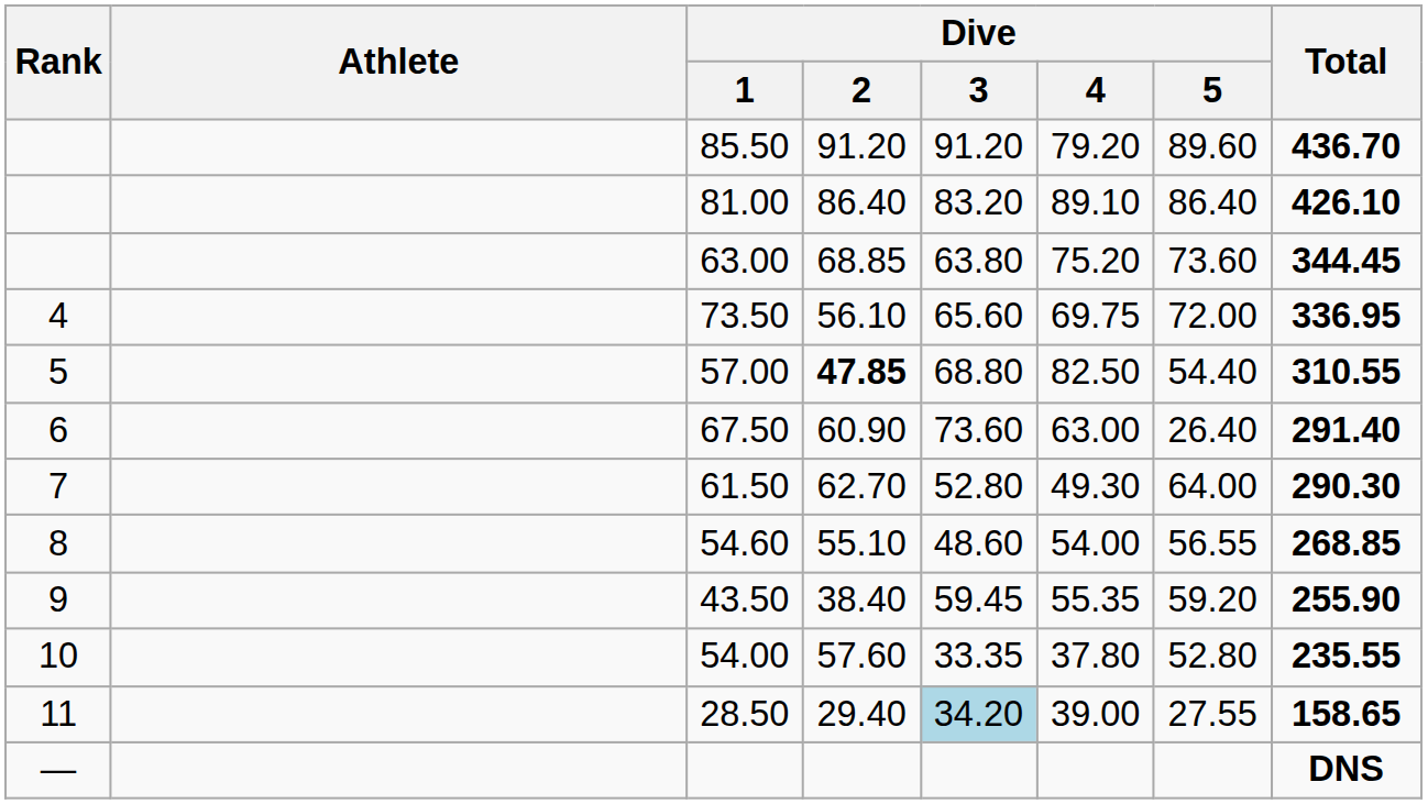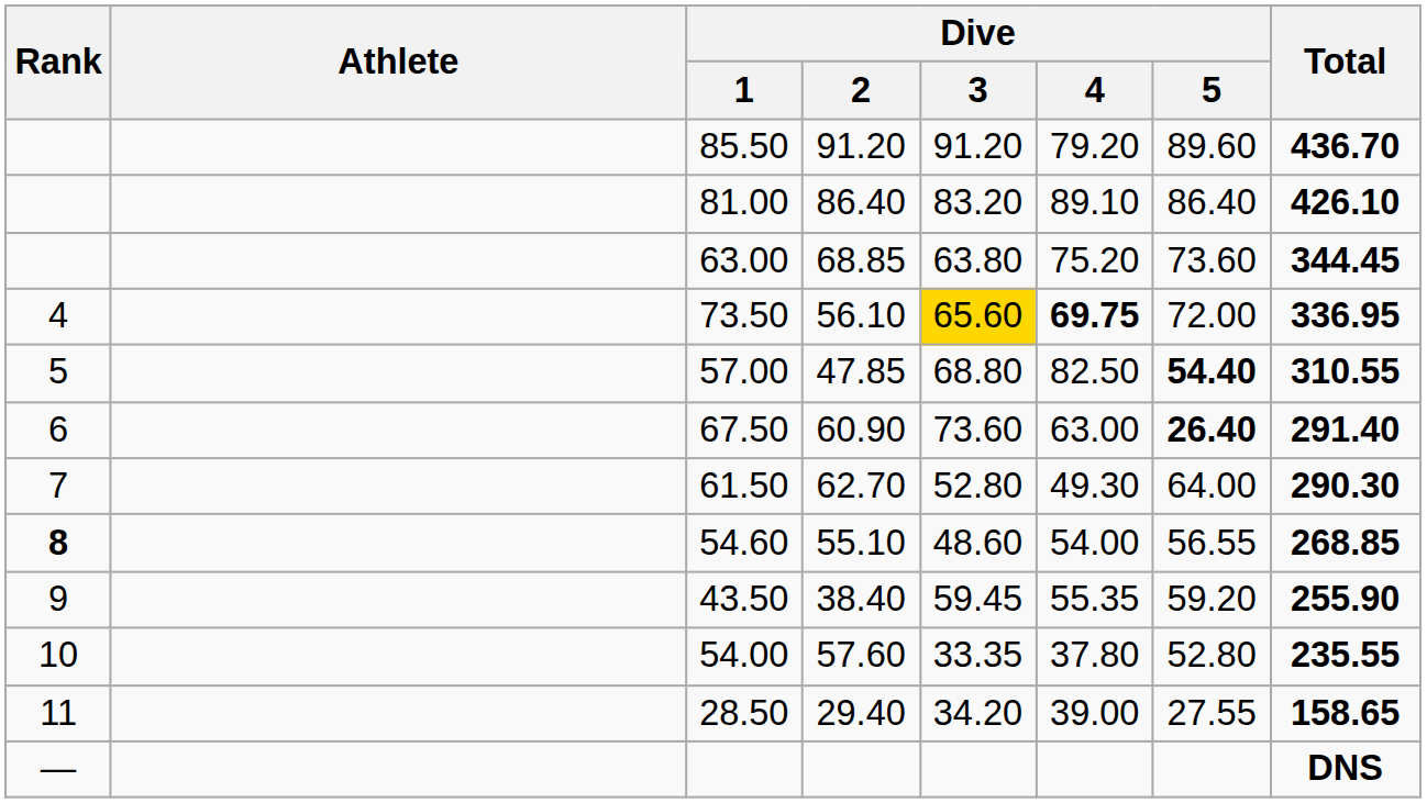 <table class=wikitable style="text-align:center">
 <tr>
 <th rowspan="2" width=40>Rank</th>
 <th rowspan="2" width=250>Athlete</th>
 <th colspan="5">Dive</th>
 <th rowspan="2" width=60>Total</th>
 </tr>
 <tr>
 <th width=45>1</th>
 <th width=45>2</th>
 <th width=45>3</th>
 <th width=45>4</th>
 <th width=45>5</th>
 </tr>
 <tr>
 <td></td>
 <td align=left></td>
 <td>85.50</td>
 <td>91.20</td>
 <td>91.20</td>
 <td>79.20</td>
 <td>89.60</td>
 <td><strong>436.70</strong></td>
 </tr>
 <tr>
 <td></td>
 <td align=left></td>
 <td>81.00</td>
 <td>86.40</td>
 <td>83.20</td>
 <td>89.10</td>
 <td>86.40</td>
 <td><strong>426.10</strong></td>
 </tr>
 <tr>
 <td></td>
 <td align=left></td>
 <td>63.00</td>
 <td>68.85</td>
 <td>63.80</td>
 <td>75.20</td>
 <td>73.60</td>
 <td><strong>344.45</strong></td>
 </tr>
 <tr>
 <td>4</td>
 <td align=left></td>
 <td>73.50</td>
 <td>56.10</td>
-<td>65.60</td>
-<td>69.75</td>
+<td style="background: gold;">65.60</td>
+<td><strong>69.75</strong></td>
 <td>72.00</td>
 <td><strong>336.95</strong></td>
 </tr>
 <tr>
 <td>5</td>
 <td align=left></td>
 <td>57.00</td>
-<td><strong>47.85</strong></td>
+<td>47.85</td>
 <td>68.80</td>
 <td>82.50</td>
-<td>54.40</td>
+<td><strong>54.40</strong></td>
 <td><strong>310.55</strong></td>
 </tr>
 <tr>
 <td>6</td>
 <td align=left></td>
 <td>67.50</td>
 <td>60.90</td>
 <td>73.60</td>
 <td>63.00</td>
-<td>26.40</td>
+<td><strong>26.40</strong></td>
 <td><strong>291.40</strong></td>
 </tr>
 <tr>
 <td>7</td>
 <td align=left></td>
 <td>61.50</td>
 <td>62.70</td>
 <td>52.80</td>
 <td>49.30</td>
 <td>64.00</td>
 <td><strong>290.30</strong></td>
 </tr>
 <tr>
-<td>8</td>
+<td><strong>8</strong></td>
 <td align=left></td>
 <td>54.60</td>
 <td>55.10</td>
 <td>48.60</td>
 <td>54.00</td>
 <td>56.55</td>
 <td><strong>268.85</strong></td>
 </tr>
 <tr>
 <td>9</td>
 <td align=left></td>
 <td>43.50</td>
 <td>38.40</td>
 <td>59.45</td>
 <td>55.35</td>
 <td>59.20</td>
 <td><strong>255.90</strong></td>
 </tr>
 <tr>
 <td>10</td>
 <td align=left></td>
 <td>54.00</td>
 <td>57.60</td>
 <td>33.35</td>
 <td>37.80</td>
 <td>52.80</td>
 <td><strong>235.55</strong></td>
 </tr>
 <tr>
 <td>11</td>
 <td align=left></td>
 <td>28.50</td>
 <td>29.40</td>
-<td style="background: lightblue;">34.20</td>
+<td>34.20</td>
 <td>39.00</td>
 <td>27.55</td>
 <td><strong>158.65</strong></td>
 </tr>
 <tr>
 <td>—</td>
 <td align=left></td>
 <td></td>
 <td></td>
 <td></td>
 <td></td>
 <td></td>
 <td><strong>DNS</strong></td>
 </tr>
 </table>
